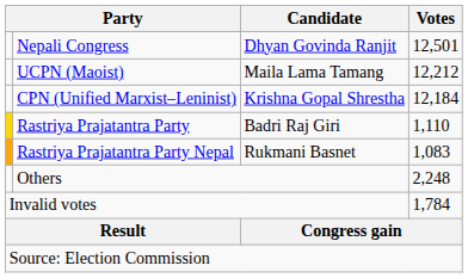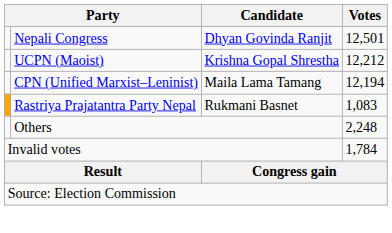 <table class="wikitable">
 <tr>
 <th colspan="2">Party</th>
 <th>Candidate</th>
 <th>Votes</th>
 </tr>
 <tr>
 <td style="background-color:"></td>
 <td><a href='#'>Nepali Congress</a></td>
 <td><a href='#'>Dhyan Govinda Ranjit</a></td>
 <td>12,501</td>
 </tr>
 <tr>
 <td style="background-color:"></td>
 <td><a href='#'>UCPN (Maoist)</a></td>
-<td>Maila Lama Tamang</td>
+<td><a href='#'>Krishna Gopal Shrestha</a></td>
 <td>12,212</td>
 </tr>
 <tr>
 <td style="background-color:"></td>
 <td><a href='#'>CPN (Unified Marxist–Leninist)</a></td>
-<td><a href='#'>Krishna Gopal Shrestha</a></td>
-<td>12,184</td>
-</tr>
-<tr>
-<td style="background-color:gold"></td>
-<td><a href='#'>Rastriya Prajatantra Party</a></td>
-<td>Badri Raj Giri</td>
-<td>1,110</td>
+<td>Maila Lama Tamang</td>
+<td>12,194</td>
 </tr>
 <tr>
 <td style="background-color:orange"></td>
 <td><a href='#'>Rastriya Prajatantra Party Nepal</a></td>
 <td>Rukmani Basnet</td>
 <td>1,083</td>
 </tr>
 <tr>
 <td></td>
 <td colspan="2">Others</td>
 <td>2,248</td>
 </tr>
 <tr>
 <td colspan="3">Invalid votes</td>
 <td>1,784</td>
 </tr>
 <tr>
 <th colspan="2">Result</th>
 <th colspan="2">Congress gain</th>
 </tr>
 <tr>
 <td colspan="4">Source: Election Commission</td>
 </tr>
 </table>
